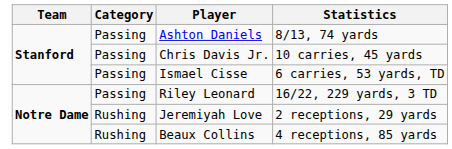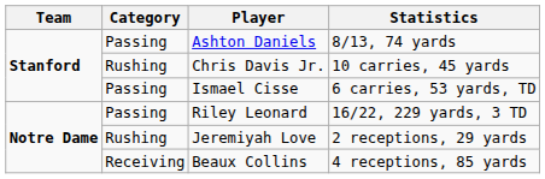 <table class="wikitable" style="float: right;">
 <tr>
 <th>Team</th>
 <th>Category</th>
 <th>Player</th>
 <th>Statistics</th>
 </tr>
 <tr>
 <td rowspan=3><strong>Stanford</strong></td>
 <td>Passing</td>
 <td><a href='#'>Ashton Daniels</a></td>
 <td>8/13, 74 yards</td>
 </tr>
 <tr>
-<td>Passing</td>
+<td>Rushing</td>
 <td>Chris Davis Jr.</td>
 <td>10 carries, 45 yards</td>
 </tr>
 <tr>
 <td>Passing</td>
 <td>Ismael Cisse</td>
 <td>6 carries, 53 yards, TD</td>
 </tr>
 <tr>
 <td rowspan=3><strong>Notre Dame</strong></td>
 <td>Passing</td>
 <td>Riley Leonard</td>
 <td>16/22, 229 yards, 3 TD</td>
 </tr>
 <tr>
 <td>Rushing</td>
 <td>Jeremiyah Love</td>
 <td>2 receptions, 29 yards</td>
 </tr>
 <tr>
-<td>Rushing</td>
+<td>Receiving</td>
 <td>Beaux Collins</td>
 <td>4 receptions, 85 yards</td>
 </tr>
 </table>
